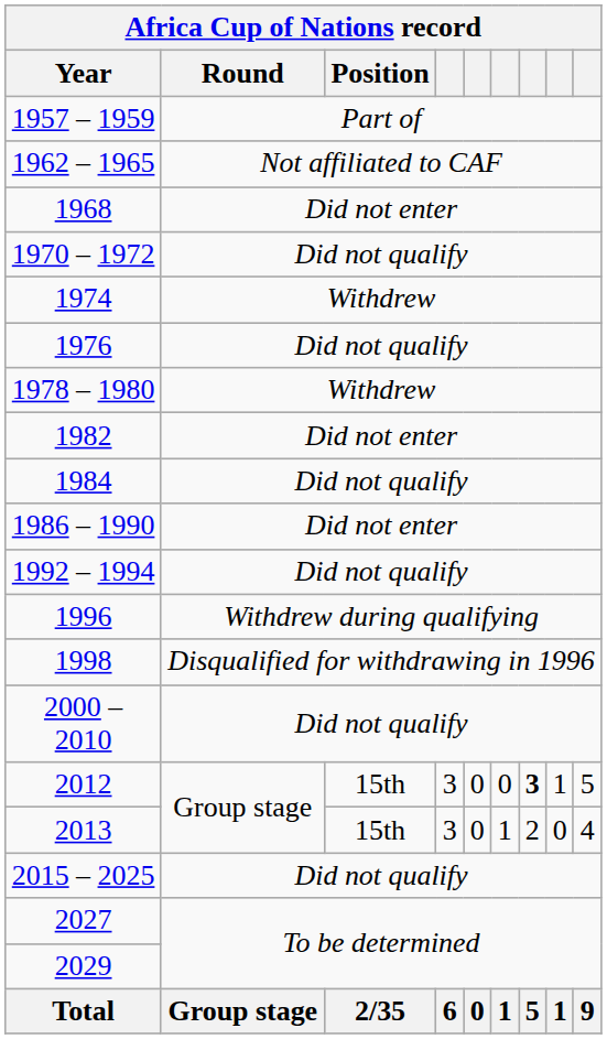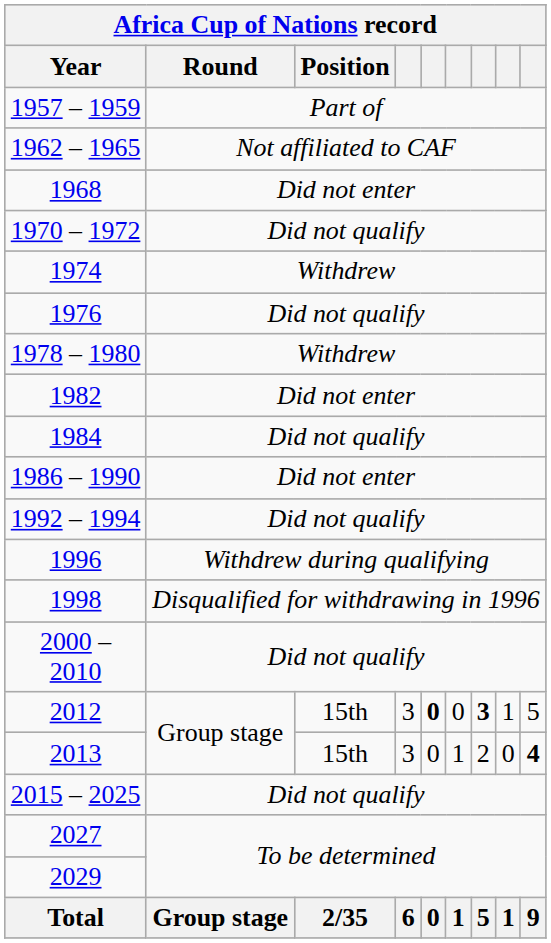 <table class="wikitable" style="text-align:center">
 <tr>
 <th colspan=9><a href='#'>Africa Cup of Nations</a> record</th>
 </tr>
 <tr>
 <th>Year</th>
 <th>Round</th>
 <th>Position</th>
 <th></th>
 <th></th>
 <th></th>
 <th></th>
 <th></th>
 <th></th>
 </tr>
 <tr>
 <td> <a href='#'>1957</a> –  <a href='#'>1959</a></td>
 <td colspan="8"><em>Part of </em></td>
 </tr>
 <tr>
 <td> <a href='#'>1962</a> –  <a href='#'>1965</a></td>
 <td colspan="8"><em>Not affiliated to CAF</em></td>
 </tr>
 <tr>
 <td> <a href='#'>1968</a></td>
 <td colspan=8><em>Did not enter</em></td>
 </tr>
 <tr>
 <td> <a href='#'>1970</a> –  <a href='#'>1972</a></td>
 <td colspan="8"><em>Did not qualify</em></td>
 </tr>
 <tr>
 <td> <a href='#'>1974</a></td>
 <td colspan=8><em>Withdrew</em></td>
 </tr>
 <tr>
 <td> <a href='#'>1976</a></td>
 <td colspan=8><em>Did not qualify</em></td>
 </tr>
 <tr>
 <td> <a href='#'>1978</a> –  <a href='#'>1980</a></td>
 <td colspan="8"><em>Withdrew</em></td>
 </tr>
 <tr>
 <td> <a href='#'>1982</a></td>
 <td colspan=8><em>Did not enter</em></td>
 </tr>
 <tr>
 <td> <a href='#'>1984</a></td>
 <td colspan=8><em>Did not qualify</em></td>
 </tr>
 <tr>
 <td> <a href='#'>1986</a> –  <a href='#'>1990</a></td>
 <td colspan="8"><em>Did not enter</em></td>
 </tr>
 <tr>
 <td> <a href='#'>1992</a> –  <a href='#'>1994</a></td>
 <td colspan="8"><em>Did not qualify</em></td>
 </tr>
 <tr>
 <td> <a href='#'>1996</a></td>
 <td colspan=8><em>Withdrew during qualifying</em></td>
 </tr>
 <tr>
 <td> <a href='#'>1998</a></td>
 <td colspan=8><em>Disqualified for withdrawing in 1996</em></td>
 </tr>
 <tr>
 <td>  <a href='#'>2000</a> – <br>  <a href='#'>2010</a></td>
 <td colspan=8><em>Did not qualify</em></td>
 </tr>
 <tr>
 <td>  <a href='#'>2012</a></td>
 <td rowspan=2>Group stage</td>
 <td>15th</td>
 <td>3</td>
-<td>0</td>
+<td><strong>0</strong></td>
 <td>0</td>
 <td><strong>3</strong></td>
 <td>1</td>
 <td>5</td>
 </tr>
 <tr>
 <td> <a href='#'>2013</a></td>
 <td>15th</td>
 <td>3</td>
 <td>0</td>
 <td>1</td>
 <td>2</td>
 <td>0</td>
-<td>4</td>
+<td><strong>4</strong></td>
 </tr>
 <tr>
 <td> <a href='#'>2015</a> –  <a href='#'>2025</a></td>
 <td colspan="8"><em>Did not qualify</em></td>
 </tr>
 <tr>
 <td>   <a href='#'>2027</a></td>
 <td colspan="8" rowspan="2"><em>To be determined</em></td>
 </tr>
 <tr>
 <td> <a href='#'>2029</a></td>
 </tr>
 <tr>
 <th>Total</th>
 <th>Group stage</th>
 <th>2/35</th>
 <th>6</th>
 <th>0</th>
 <th>1</th>
 <th>5</th>
 <th>1</th>
 <th>9</th>
 </tr>
 </table>
